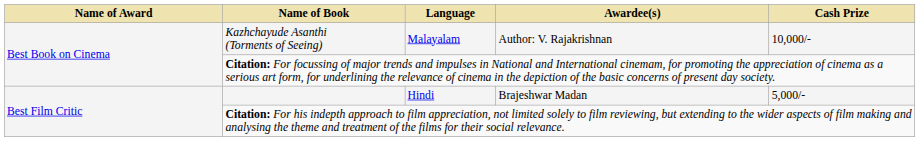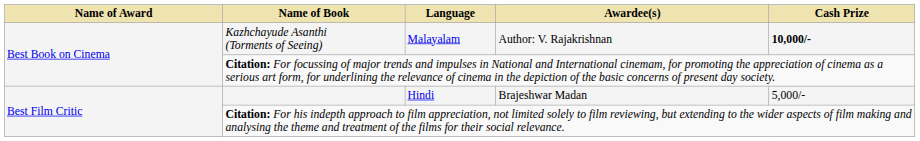 <table class="wikitable">
 <tr>
 <th style="background-color:#EFE4B0;width:24%;">Name of Award</th>
 <th style="background-color:#EFE4B0;width:20%;">Name of Book</th>
 <th style="background-color:#EFE4B0;width:10%;">Language</th>
 <th style="background-color:#EFE4B0;width:30%;">Awardee(s)</th>
 <th style="background-color:#EFE4B0;width:16%;">Cash Prize</th>
 </tr>
 <tr style="background-color:#F4F4F4">
 <td rowspan="2"><a href='#'>Best Book on Cinema</a></td>
 <td><em>Kazhchayude Asanthi<br>(Torments of Seeing)</em></td>
 <td><a href='#'>Malayalam</a></td>
 <td>Author: V. Rajakrishnan</td>
-<td> 10,000/-</td>
+<td><strong> 10,000/-</strong></td>
 </tr>
 <tr style="background-color:#F9F9F9">
 <td colspan="4"><strong>Citation:</strong> <em>For focussing of major trends and impulses in National and International cinemam, for promoting the appreciation of cinema as a serious art form, for underlining the relevance of cinema in the depiction of the basic concerns of present day society.</em></td>
 </tr>
 <tr style="background-color:#F4F4F4">
 <td rowspan="2"><a href='#'>Best Film Critic</a></td>
 <td></td>
 <td><a href='#'>Hindi</a></td>
 <td>Brajeshwar Madan</td>
 <td> 5,000/-</td>
 </tr>
 <tr style="background-color:#F9F9F9">
 <td colspan="4"><strong>Citation:</strong> <em>For his indepth approach to film appreciation, not limited solely to film reviewing, but extending to the wider aspects of film making and analysing the theme and treatment of the films for their social relevance.</em></td>
 </tr>
 </table>
